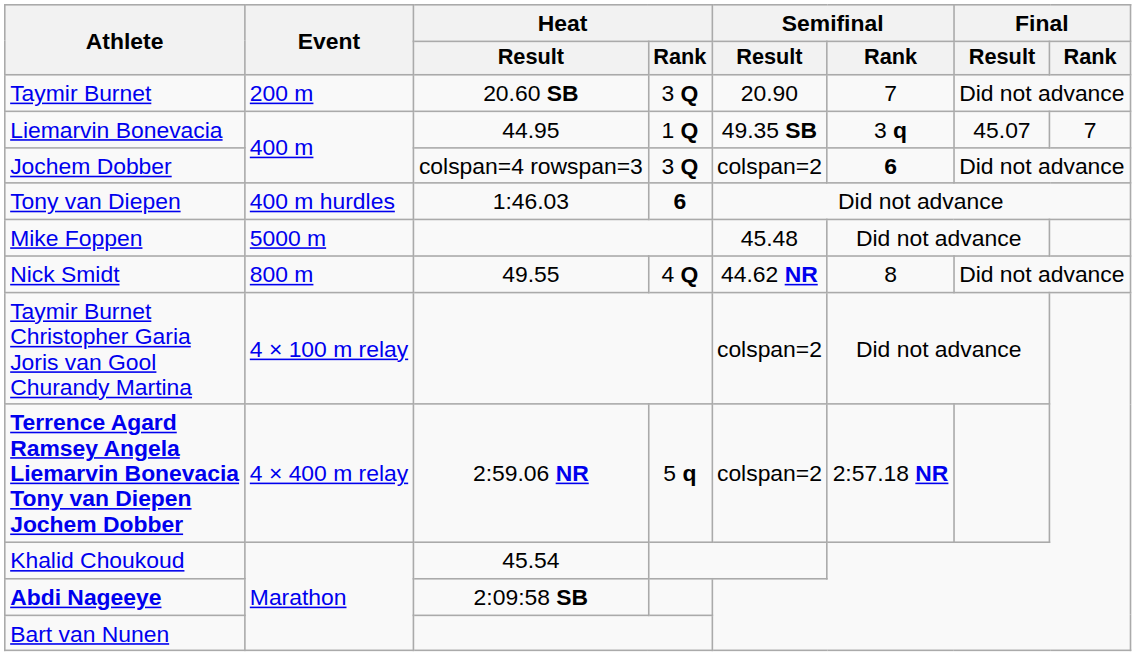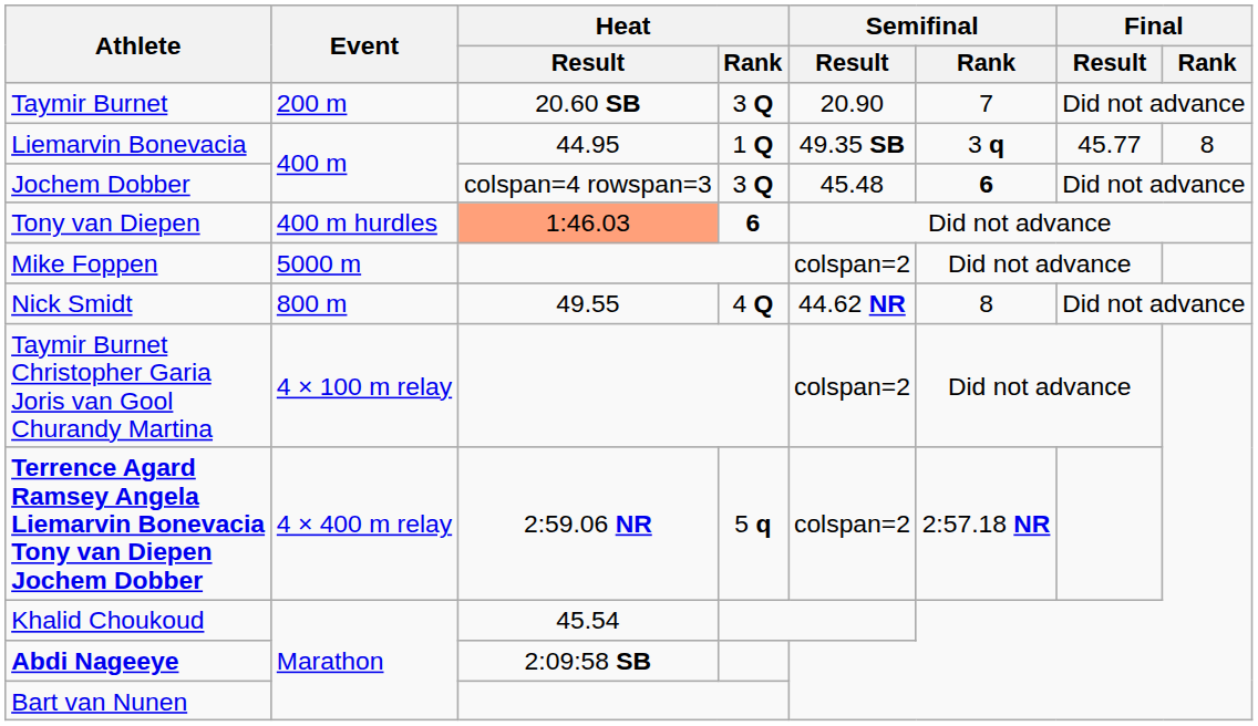 <table class="wikitable" style="font-size:90%">
 <tr>
 <th rowspan="2">Athlete</th>
 <th rowspan="2">Event</th>
 <th colspan="2">Heat</th>
 <th colspan="2">Semifinal</th>
 <th colspan="2">Final</th>
 </tr>
 <tr style="font-size:95%">
 <th>Result</th>
 <th>Rank</th>
 <th>Result</th>
 <th>Rank</th>
 <th>Result</th>
 <th>Rank</th>
 </tr>
 <tr align=center>
 <td align=left><a href='#'>Taymir Burnet</a></td>
 <td align=left><a href='#'>200 m</a></td>
 <td>20.60 <strong>SB</strong></td>
 <td>3 <strong>Q</strong></td>
 <td>20.90</td>
 <td>7</td>
 <td colspan=2>Did not advance</td>
 </tr>
 <tr align=center>
 <td align=left><a href='#'>Liemarvin Bonevacia</a></td>
 <td align=left rowspan=2><a href='#'>400 m</a></td>
 <td>44.95</td>
 <td>1 <strong>Q</strong></td>
 <td>49.35 <strong>SB</strong></td>
 <td>3 <strong>q</strong></td>
-<td>45.07</td>
-<td>7</td>
+<td>45.77</td>
+<td>8</td>
 </tr>
 <tr align=center>
 <td align=left><a href='#'>Jochem Dobber</a></td>
 <td>colspan=4 rowspan=3</td>
 <td>3 <strong>Q</strong></td>
-<td>colspan=2 </td>
+<td>45.48</td>
 <td><strong>6</strong></td>
 <td colspan=4>Did not advance</td>
 </tr>
 <tr align=center>
 <td align=left><a href='#'>Tony van Diepen</a></td>
 <td align=left><a href='#'>400 m hurdles</a></td>
-<td>1:46.03</td>
+<td style="background: lightsalmon;">1:46.03</td>
 <td><strong>6</strong></td>
 <td colspan=4>Did not advance</td>
 </tr>
 <tr align=center>
 <td align=left><a href='#'>Mike Foppen</a></td>
 <td align=left><a href='#'>5000 m</a></td>
 <td colspan=2></td>
-<td>45.48</td>
+<td>colspan=2 </td>
 <td colspan=2>Did not advance</td>
 </tr>
 <tr align=center>
 <td align=left><a href='#'>Nick Smidt</a></td>
 <td align=left><a href='#'>800 m</a></td>
 <td>49.55</td>
 <td>4 <strong>Q</strong></td>
 <td>44.62 <strong><a href='#'>NR</a></strong></td>
 <td>8</td>
 <td colspan=2>Did not advance</td>
 </tr>
 <tr align=center>
 <td align=left><a href='#'>Taymir Burnet</a><br><a href='#'>Christopher Garia</a><br><a href='#'>Joris van Gool</a><br><a href='#'>Churandy Martina</a></td>
 <td align=left><a href='#'>4 × 100 m relay</a></td>
 <td colspan=2></td>
 <td>colspan=2 </td>
 <td colspan=2>Did not advance</td>
 </tr>
 <tr align=center>
 <td align=left><strong><a href='#'>Terrence Agard</a><br><a href='#'>Ramsey Angela</a><br><a href='#'>Liemarvin Bonevacia</a> <br><a href='#'>Tony van Diepen</a><br><a href='#'>Jochem Dobber</a></strong></td>
 <td align=left><a href='#'>4 × 400 m relay</a></td>
 <td>2:59.06 <strong><a href='#'>NR</a></strong></td>
 <td>5 <strong>q</strong></td>
 <td>colspan=2 </td>
 <td>2:57.18 <strong><a href='#'>NR</a></strong></td>
 <td></td>
 </tr>
 <tr align=center>
 <td align=left><a href='#'>Khalid Choukoud</a></td>
 <td align=left rowspan=3><a href='#'>Marathon</a></td>
 <td>45.54</td>
 <td colspan=2></td>
 </tr>
 <tr align=center>
 <td align=left><strong><a href='#'>Abdi Nageeye</a></strong></td>
 <td>2:09:58 <strong>SB</strong></td>
 <td></td>
 </tr>
 <tr align=center>
 <td align=left><a href='#'>Bart van Nunen</a></td>
 <td colspan=2></td>
 </tr>
 </table>
